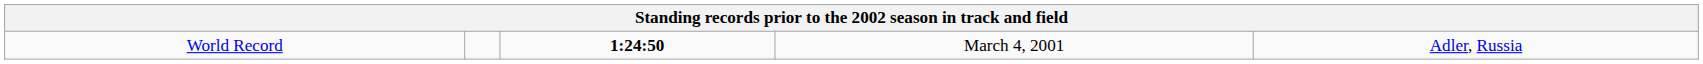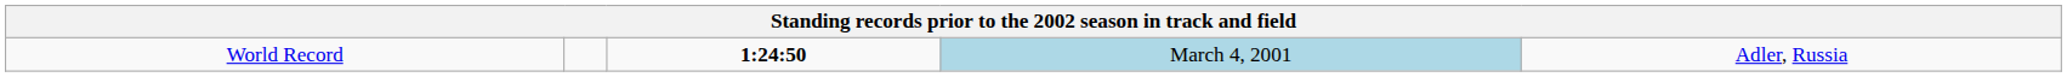 <table class="wikitable" style="text-align:center; width:100%">
 <tr>
 <th colspan="5">Standing records prior to the 2002 season in track and field</th>
 </tr>
 <tr>
 <td><a href='#'>World Record</a></td>
 <td></td>
 <td><strong>1:24:50</strong></td>
-<td>March 4, 2001</td>
+<td style="background: lightblue;">March 4, 2001</td>
 <td> <a href='#'>Adler</a>, <a href='#'>Russia</a></td>
 </tr>
 </table>
